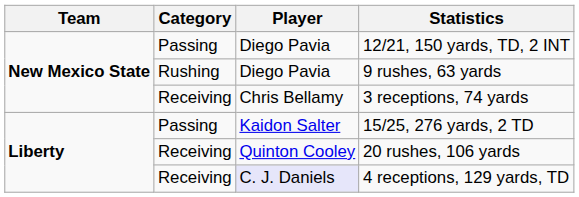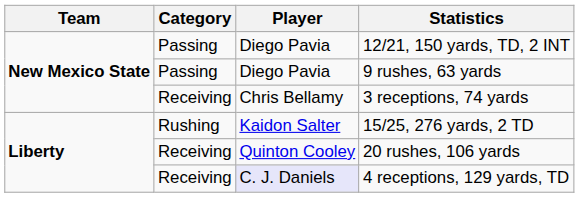 <table class="wikitable" style="float: right;">
 <tr>
 <th>Team</th>
 <th>Category</th>
 <th>Player</th>
 <th>Statistics</th>
 </tr>
 <tr>
 <td rowspan=3><strong>New Mexico State</strong></td>
 <td>Passing</td>
 <td>Diego Pavia</td>
 <td>12/21, 150 yards, TD, 2 INT</td>
 </tr>
 <tr>
-<td>Rushing</td>
+<td>Passing</td>
 <td>Diego Pavia</td>
 <td>9 rushes, 63 yards</td>
 </tr>
 <tr>
 <td>Receiving</td>
 <td>Chris Bellamy</td>
 <td>3 receptions, 74 yards</td>
 </tr>
 <tr>
 <td rowspan=3><strong>Liberty</strong></td>
-<td>Passing</td>
+<td>Rushing</td>
 <td><a href='#'>Kaidon Salter</a></td>
 <td>15/25, 276 yards, 2 TD</td>
 </tr>
 <tr>
 <td>Receiving</td>
 <td><a href='#'>Quinton Cooley</a></td>
 <td>20 rushes, 106 yards</td>
 </tr>
 <tr>
 <td>Receiving</td>
 <td style="background: lavender;">C. J. Daniels</td>
 <td>4 receptions, 129 yards, TD</td>
 </tr>
 </table>
